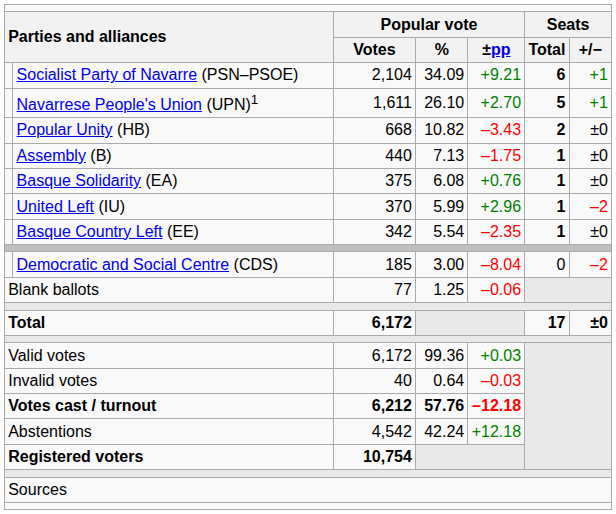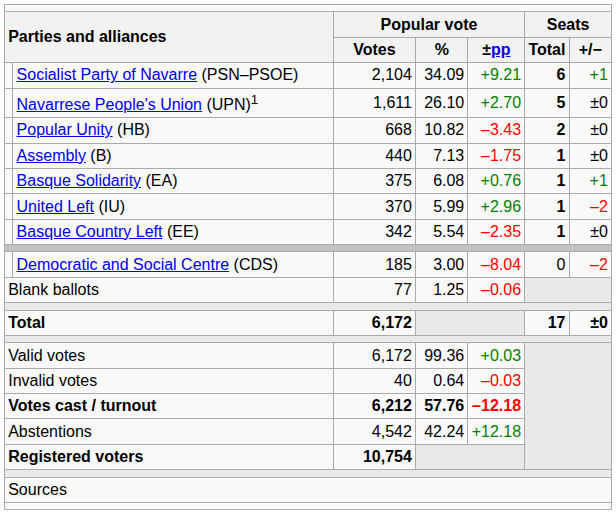 <table class="wikitable" style="text-align:right;">
 <tr>
 <td colspan="7"></td>
 </tr>
 <tr>
 <th style="text-align:left;" rowspan="2" colspan="2" width="525">Parties and alliances</th>
 <th colspan="3">Popular vote</th>
 <th colspan="2">Seats</th>
 </tr>
 <tr>
 <th width="75">Votes</th>
 <th width="45">%</th>
 <th width="45">±<a href='#'>pp</a></th>
 <th width="35">Total</th>
 <th width="35">+/−</th>
 </tr>
 <tr>
 <td width="1" style="color:inherit;background:"></td>
 <td align="left"><a href='#'>Socialist Party of Navarre</a> (PSN–PSOE)</td>
 <td>2,104</td>
 <td>34.09</td>
 <td style="color:green;">+9.21</td>
 <td><strong>6</strong></td>
 <td style="color:green;">+1</td>
 </tr>
 <tr>
 <td style="color:inherit;background:"></td>
 <td align="left"><a href='#'>Navarrese People's Union</a> (UPN)<sup>1</sup></td>
 <td>1,611</td>
 <td>26.10</td>
 <td style="color:green;">+2.70</td>
 <td><strong>5</strong></td>
-<td style="color:green;">+1</td>
+<td>±0</td>
 </tr>
 <tr>
 <td style="color:inherit;background:"></td>
 <td align="left"><a href='#'>Popular Unity</a> (HB)</td>
 <td>668</td>
 <td>10.82</td>
 <td style="color:red;">–3.43</td>
 <td><strong>2</strong></td>
 <td>±0</td>
 </tr>
 <tr>
 <td style="color:inherit;background:"></td>
 <td align="left"><a href='#'>Assembly</a> (B)</td>
 <td>440</td>
 <td>7.13</td>
 <td style="color:red;">–1.75</td>
 <td><strong>1</strong></td>
 <td>±0</td>
 </tr>
 <tr>
 <td style="color:inherit;background:"></td>
 <td align="left"><a href='#'>Basque Solidarity</a> (EA)</td>
 <td>375</td>
 <td>6.08</td>
 <td style="color:green;">+0.76</td>
 <td><strong>1</strong></td>
-<td>±0</td>
+<td style="color:green;">+1</td>
 </tr>
 <tr>
 <td style="color:inherit;background:"></td>
 <td align="left"><a href='#'>United Left</a> (IU)</td>
 <td>370</td>
 <td>5.99</td>
 <td style="color:green;">+2.96</td>
 <td><strong>1</strong></td>
 <td style="color:red;">–2</td>
 </tr>
 <tr>
 <td style="color:inherit;background:"></td>
 <td align="left"><a href='#'>Basque Country Left</a> (EE)</td>
 <td>342</td>
 <td>5.54</td>
 <td style="color:red;">–2.35</td>
 <td><strong>1</strong></td>
 <td>±0</td>
 </tr>
 <tr>
 <td colspan="7" bgcolor="#C0C0C0"></td>
 </tr>
 <tr>
 <td style="color:inherit;background:"></td>
 <td align="left"><a href='#'>Democratic and Social Centre</a> (CDS)</td>
 <td>185</td>
 <td>3.00</td>
 <td style="color:red;">–8.04</td>
 <td>0</td>
 <td style="color:red;">–2</td>
 </tr>
 <tr>
 <td align="left" colspan="2">Blank ballots</td>
 <td>77</td>
 <td>1.25</td>
 <td style="color:red;">–0.06</td>
 <td bgcolor="#E9E9E9" colspan="2"></td>
 </tr>
 <tr>
 <td colspan="7" bgcolor="#E9E9E9"></td>
 </tr>
 <tr style="font-weight:bold;">
 <td align="left" colspan="2">Total</td>
 <td>6,172</td>
 <td bgcolor="#E9E9E9" colspan="2"></td>
 <td>17</td>
 <td>±0</td>
 </tr>
 <tr>
 <td colspan="7" bgcolor="#E9E9E9"></td>
 </tr>
 <tr>
 <td align="left" colspan="2">Valid votes</td>
 <td>6,172</td>
 <td>99.36</td>
 <td style="color:green;">+0.03</td>
 <td bgcolor="#E9E9E9" colspan="2" rowspan="5"></td>
 </tr>
 <tr>
 <td align="left" colspan="2">Invalid votes</td>
 <td>40</td>
 <td>0.64</td>
 <td style="color:red;">–0.03</td>
 </tr>
 <tr style="font-weight:bold;">
 <td align="left" colspan="2">Votes cast / turnout</td>
 <td>6,212</td>
 <td>57.76</td>
 <td style="color:red;">–12.18</td>
 </tr>
 <tr>
 <td align="left" colspan="2">Abstentions</td>
 <td>4,542</td>
 <td>42.24</td>
 <td style="color:green;">+12.18</td>
 </tr>
 <tr style="font-weight:bold;">
 <td align="left" colspan="2">Registered voters</td>
 <td>10,754</td>
 <td bgcolor="#E9E9E9" colspan="2"></td>
 </tr>
 <tr>
 <td colspan="7" bgcolor="#E9E9E9"></td>
 </tr>
 <tr>
 <td align="left" colspan="7">Sources</td>
 </tr>
 <tr>
 <td colspan="7" style="text-align:left; max-width:790px;"></td>
 </tr>
 </table>
